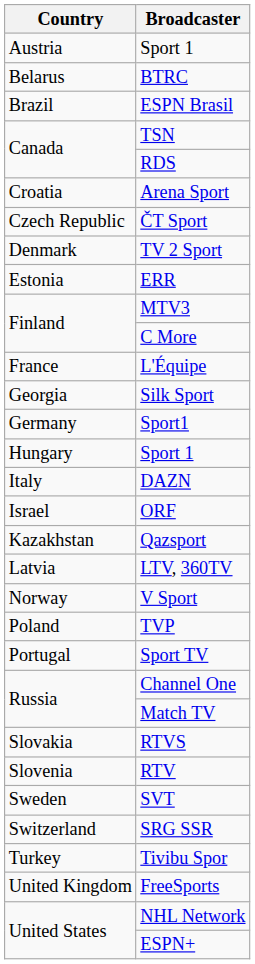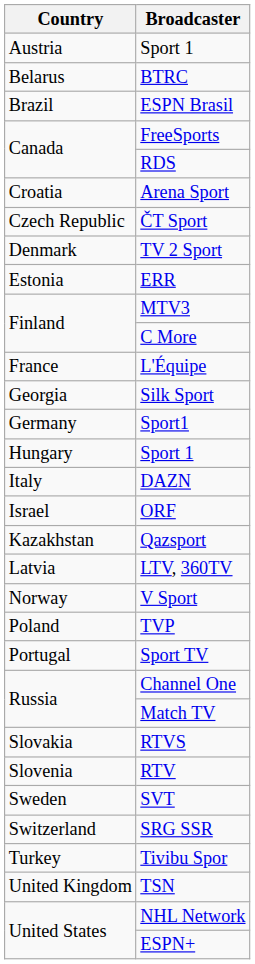 <table class="wikitable">
 <tr>
 <th align=center>Country</th>
 <th align=center>Broadcaster</th>
 </tr>
 <tr>
 <td>Austria</td>
 <td>Sport 1</td>
 </tr>
 <tr>
 <td>Belarus</td>
 <td><a href='#'>BTRC</a></td>
 </tr>
 <tr>
 <td>Brazil</td>
 <td><a href='#'>ESPN Brasil</a></td>
 </tr>
 <tr>
 <td style="text-align:left;" rowspan="2">Canada</td>
-<td><a href='#'>TSN</a></td>
+<td><a href='#'>FreeSports</a></td>
 </tr>
 <tr>
 <td><a href='#'>RDS</a></td>
 </tr>
 <tr>
 <td>Croatia</td>
 <td><a href='#'>Arena Sport</a></td>
 </tr>
 <tr>
 <td>Czech Republic</td>
 <td><a href='#'>ČT Sport</a></td>
 </tr>
 <tr>
 <td>Denmark</td>
 <td><a href='#'>TV 2 Sport</a></td>
 </tr>
 <tr>
 <td>Estonia</td>
 <td><a href='#'>ERR</a></td>
 </tr>
 <tr>
 <td style="text-align:left;" rowspan="2">Finland</td>
 <td><a href='#'>MTV3</a></td>
 </tr>
 <tr>
 <td><a href='#'>C More</a></td>
 </tr>
 <tr>
 <td>France</td>
 <td><a href='#'>L'Équipe</a></td>
 </tr>
 <tr>
 <td>Georgia</td>
 <td><a href='#'>Silk Sport</a></td>
 </tr>
 <tr>
 <td>Germany</td>
 <td><a href='#'>Sport1</a></td>
 </tr>
 <tr>
 <td>Hungary</td>
 <td><a href='#'>Sport 1</a></td>
 </tr>
 <tr>
 <td>Italy</td>
 <td><a href='#'>DAZN</a></td>
 </tr>
 <tr>
 <td>Israel</td>
 <td><a href='#'>ORF</a></td>
 </tr>
 <tr>
 <td>Kazakhstan</td>
 <td><a href='#'>Qazsport</a></td>
 </tr>
 <tr>
 <td>Latvia</td>
 <td><a href='#'>LTV</a>, <a href='#'>360TV</a></td>
 </tr>
 <tr>
 <td>Norway</td>
 <td><a href='#'>V Sport</a></td>
 </tr>
 <tr>
 <td>Poland</td>
 <td><a href='#'>TVP</a></td>
 </tr>
 <tr>
 <td>Portugal</td>
 <td><a href='#'>Sport TV</a></td>
 </tr>
 <tr>
 <td style="text-align:left;" rowspan="2">Russia</td>
 <td><a href='#'>Channel One</a></td>
 </tr>
 <tr>
 <td><a href='#'>Match TV</a></td>
 </tr>
 <tr>
 <td>Slovakia</td>
 <td><a href='#'>RTVS</a></td>
 </tr>
 <tr>
 <td>Slovenia</td>
 <td><a href='#'>RTV</a></td>
 </tr>
 <tr>
 <td>Sweden</td>
 <td><a href='#'>SVT</a></td>
 </tr>
 <tr>
 <td>Switzerland</td>
 <td><a href='#'>SRG SSR</a></td>
 </tr>
 <tr>
 <td>Turkey</td>
 <td><a href='#'>Tivibu Spor</a></td>
 </tr>
 <tr>
 <td>United Kingdom</td>
-<td><a href='#'>FreeSports</a></td>
+<td><a href='#'>TSN</a></td>
 </tr>
 <tr>
 <td style="text-align:left;" rowspan="2">United States</td>
 <td><a href='#'>NHL Network</a></td>
 </tr>
 <tr>
 <td><a href='#'>ESPN+</a></td>
 </tr>
 </table>
